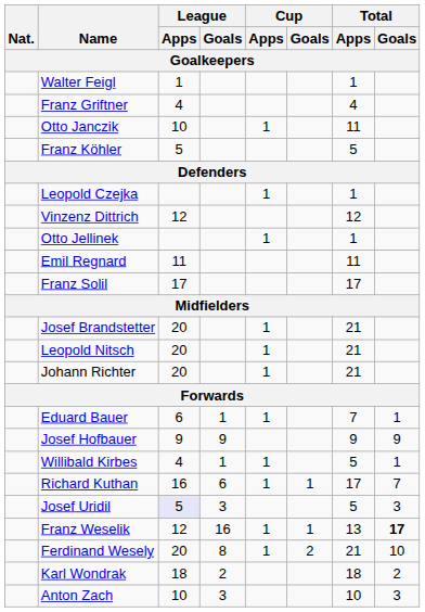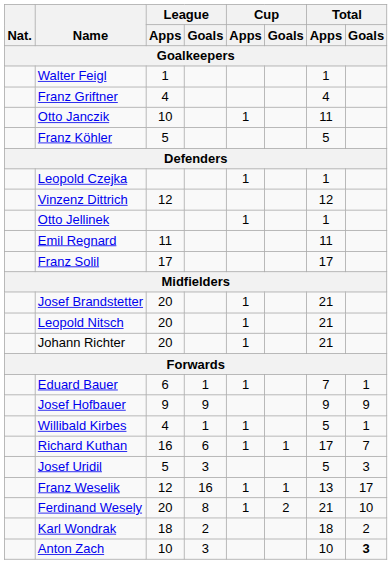 <table class="wikitable" style="text-align:center">
 <tr>
 <th rowspan="2" valign="bottom">Nat.</th>
 <th rowspan="2" valign="bottom">Name</th>
 <th colspan="2" width="85">League</th>
 <th colspan="2" width="85">Cup</th>
 <th colspan="2" width="85">Total</th>
 </tr>
 <tr>
 <th>Apps</th>
 <th>Goals</th>
 <th>Apps</th>
 <th>Goals</th>
 <th>Apps</th>
 <th>Goals</th>
 </tr>
 <tr>
 <th colspan=15>Goalkeepers</th>
 </tr>
 <tr>
 <td></td>
 <td align="left"><a href='#'>Walter Feigl</a></td>
 <td>1</td>
 <td></td>
 <td></td>
 <td></td>
 <td>1</td>
 <td></td>
 </tr>
 <tr>
 <td></td>
 <td align="left"><a href='#'>Franz Griftner</a></td>
 <td>4</td>
 <td></td>
 <td></td>
 <td></td>
 <td>4</td>
 <td></td>
 </tr>
 <tr>
 <td></td>
 <td align="left"><a href='#'>Otto Janczik</a></td>
 <td>10</td>
 <td></td>
 <td>1</td>
 <td></td>
 <td>11</td>
 <td></td>
 </tr>
 <tr>
 <td></td>
 <td align="left"><a href='#'>Franz Köhler</a></td>
 <td>5</td>
 <td></td>
 <td></td>
 <td></td>
 <td>5</td>
 <td></td>
 </tr>
 <tr>
 <th colspan=15>Defenders</th>
 </tr>
 <tr>
 <td></td>
 <td align="left"><a href='#'>Leopold Czejka</a></td>
 <td></td>
 <td></td>
 <td>1</td>
 <td></td>
 <td>1</td>
 <td></td>
 </tr>
 <tr>
 <td></td>
 <td align="left"><a href='#'>Vinzenz Dittrich</a></td>
 <td>12</td>
 <td></td>
 <td></td>
 <td></td>
 <td>12</td>
 <td></td>
 </tr>
 <tr>
 <td></td>
 <td align="left"><a href='#'>Otto Jellinek</a></td>
 <td></td>
 <td></td>
 <td>1</td>
 <td></td>
 <td>1</td>
 <td></td>
 </tr>
 <tr>
 <td></td>
 <td align="left"><a href='#'>Emil Regnard</a></td>
 <td>11</td>
 <td></td>
 <td></td>
 <td></td>
 <td>11</td>
 <td></td>
 </tr>
 <tr>
 <td></td>
 <td align="left"><a href='#'>Franz Solil</a></td>
 <td>17</td>
 <td></td>
 <td></td>
 <td></td>
 <td>17</td>
 <td></td>
 </tr>
 <tr>
 <th colspan=15>Midfielders</th>
 </tr>
 <tr>
 <td></td>
 <td align="left"><a href='#'>Josef Brandstetter</a></td>
 <td>20</td>
 <td></td>
 <td>1</td>
 <td></td>
 <td>21</td>
 <td></td>
 </tr>
 <tr>
 <td></td>
 <td align="left"><a href='#'>Leopold Nitsch</a></td>
 <td>20</td>
 <td></td>
 <td>1</td>
 <td></td>
 <td>21</td>
 <td></td>
 </tr>
 <tr>
 <td></td>
 <td align="left">Johann Richter</td>
 <td>20</td>
 <td></td>
 <td>1</td>
 <td></td>
 <td>21</td>
 <td></td>
 </tr>
 <tr>
 <th colspan=15>Forwards</th>
 </tr>
 <tr>
 <td></td>
 <td align="left"><a href='#'>Eduard Bauer</a></td>
 <td>6</td>
 <td>1</td>
 <td>1</td>
 <td></td>
 <td>7</td>
 <td>1</td>
 </tr>
 <tr>
 <td></td>
 <td align="left"><a href='#'>Josef Hofbauer</a></td>
 <td>9</td>
 <td>9</td>
 <td></td>
 <td></td>
 <td>9</td>
 <td>9</td>
 </tr>
 <tr>
 <td></td>
 <td align="left"><a href='#'>Willibald Kirbes</a></td>
 <td>4</td>
 <td>1</td>
 <td>1</td>
 <td></td>
 <td>5</td>
 <td>1</td>
 </tr>
 <tr>
 <td></td>
 <td align="left"><a href='#'>Richard Kuthan</a></td>
 <td>16</td>
 <td>6</td>
 <td>1</td>
 <td>1</td>
 <td>17</td>
 <td>7</td>
 </tr>
 <tr>
 <td></td>
 <td align="left"><a href='#'>Josef Uridil</a></td>
-<td style="background: lavender;">5</td>
+<td>5</td>
 <td>3</td>
 <td></td>
 <td></td>
 <td>5</td>
 <td>3</td>
 </tr>
 <tr>
 <td></td>
 <td align="left"><a href='#'>Franz Weselik</a></td>
 <td>12</td>
 <td>16</td>
 <td>1</td>
 <td>1</td>
 <td>13</td>
-<td><strong>17</strong></td>
+<td>17</td>
 </tr>
 <tr>
 <td></td>
 <td align="left"><a href='#'>Ferdinand Wesely</a></td>
 <td>20</td>
 <td>8</td>
 <td>1</td>
 <td>2</td>
 <td>21</td>
 <td>10</td>
 </tr>
 <tr>
 <td></td>
 <td align="left"><a href='#'>Karl Wondrak</a></td>
 <td>18</td>
 <td>2</td>
 <td></td>
 <td></td>
 <td>18</td>
 <td>2</td>
 </tr>
 <tr>
 <td></td>
 <td align="left"><a href='#'>Anton Zach</a></td>
 <td>10</td>
 <td>3</td>
 <td></td>
 <td></td>
 <td>10</td>
-<td>3</td>
+<td><strong>3</strong></td>
 </tr>
 </table>
